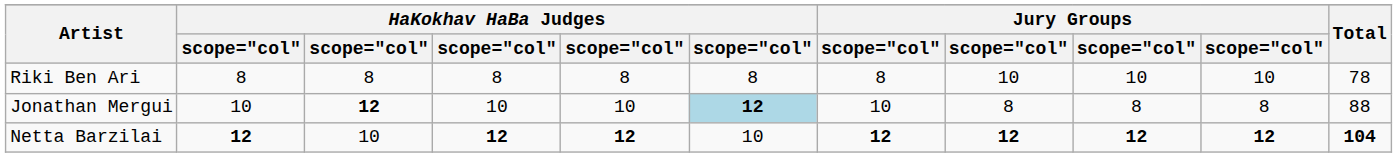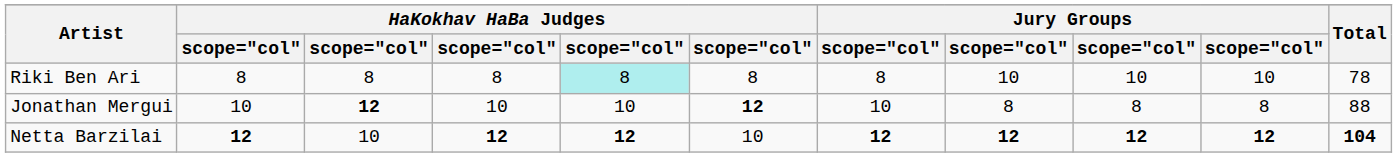 <table class="sortable wikitable" style="margin: 1em auto 1em auto; text-align:center; font-size:100%;">
 <tr>
 </tr>
 <tr>
 <th rowspan="2">Artist</th>
 <th colspan="5"><em>HaKokhav HaBa</em> Judges</th>
 <th colspan="4">Jury Groups</th>
 <th rowspan="2">Total</th>
 </tr>
 <tr>
 <th>scope="col" </th>
 <th>scope="col" </th>
 <th>scope="col" </th>
 <th>scope="col" </th>
 <th>scope="col" </th>
 <th>scope="col" </th>
 <th>scope="col" </th>
 <th>scope="col" </th>
 <th>scope="col" </th>
 </tr>
 <tr>
 <td align="left">Riki Ben Ari</td>
 <td>8</td>
 <td>8</td>
 <td>8</td>
-<td>8</td>
+<td style="background: paleturquoise;">8</td>
 <td>8</td>
 <td>8</td>
 <td>10</td>
 <td>10</td>
 <td>10</td>
 <td>78</td>
 </tr>
 <tr>
 <td align="left">Jonathan Mergui</td>
 <td>10</td>
 <td><strong>12</strong></td>
 <td>10</td>
 <td>10</td>
-<td style="background: lightblue;"><strong>12</strong></td>
+<td><strong>12</strong></td>
 <td>10</td>
 <td>8</td>
 <td>8</td>
 <td>8</td>
 <td>88</td>
 </tr>
 <tr>
 <td align="left">Netta Barzilai</td>
 <td><strong>12</strong></td>
 <td>10</td>
 <td><strong>12</strong></td>
 <td><strong>12</strong></td>
 <td>10</td>
 <td><strong>12</strong></td>
 <td><strong>12</strong></td>
 <td><strong>12</strong></td>
 <td><strong>12</strong></td>
 <td><strong>104</strong></td>
 </tr>
 </table>
